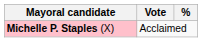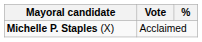 <table class="wikitable">
 <tr>
 <th width="200px">Mayoral candidate</th>
 <th width="50px">Vote</th>
 <th width="30px">%</th>
 </tr>
 <tr>
-<td style="background: pink;"><strong>Michelle P. Staples</strong> (X) </td>
+<td><strong>Michelle P. Staples</strong> (X) </td>
 <td colspan="2">Acclaimed</td>
 </tr>
 </table>
